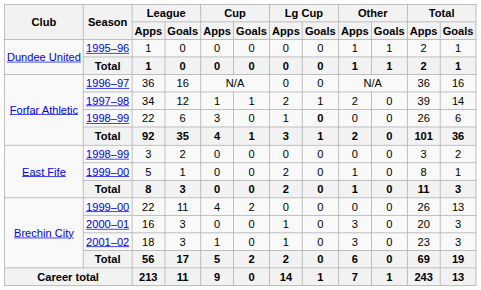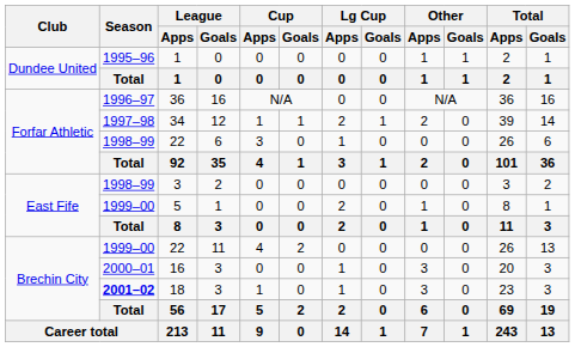 <table class="wikitable" style="font-size:95%; text-align:center">
 <tr>
 <th rowspan="2">Club</th>
 <th rowspan="2">Season</th>
 <th colspan="2">League</th>
 <th colspan="2">Cup</th>
 <th colspan="2">Lg Cup</th>
 <th colspan="2">Other</th>
 <th colspan="2">Total</th>
 </tr>
 <tr>
 <th>Apps</th>
 <th>Goals</th>
 <th>Apps</th>
 <th>Goals</th>
 <th>Apps</th>
 <th>Goals</th>
 <th>Apps</th>
 <th>Goals</th>
 <th>Apps</th>
 <th>Goals</th>
 </tr>
 <tr>
 <td rowspan="2"><a href='#'>Dundee United</a></td>
 <td><a href='#'>1995–96</a></td>
 <td>1</td>
 <td>0</td>
 <td>0</td>
 <td>0</td>
 <td>0</td>
 <td>0</td>
 <td>1</td>
 <td>1</td>
 <td>2</td>
 <td>1</td>
 </tr>
 <tr>
 <th>Total</th>
 <th>1</th>
 <th>0</th>
 <th>0</th>
 <th>0</th>
 <th>0</th>
 <th>0</th>
 <th>1</th>
 <th>1</th>
 <th>2</th>
 <th>1</th>
 </tr>
 <tr>
 <td rowspan="4"><a href='#'>Forfar Athletic</a></td>
 <td><a href='#'>1996–97</a></td>
 <td>36</td>
 <td>16</td>
 <td colspan="2">N/A</td>
 <td>0</td>
 <td>0</td>
 <td colspan="2">N/A</td>
 <td>36</td>
 <td>16</td>
 </tr>
 <tr>
 <td><a href='#'>1997–98</a></td>
 <td>34</td>
 <td>12</td>
 <td>1</td>
 <td>1</td>
 <td>2</td>
 <td>1</td>
 <td>2</td>
 <td>0</td>
 <td>39</td>
 <td>14</td>
 </tr>
 <tr>
 <td><a href='#'>1998–99</a></td>
 <td>22</td>
 <td>6</td>
 <td>3</td>
 <td>0</td>
 <td>1</td>
-<td><strong>0</strong></td>
+<td>0</td>
 <td>0</td>
 <td>0</td>
 <td>26</td>
 <td>6</td>
 </tr>
 <tr>
 <th>Total</th>
 <th>92</th>
 <th>35</th>
 <th>4</th>
 <th>1</th>
 <th>3</th>
 <th>1</th>
 <th>2</th>
 <th>0</th>
 <th>101</th>
 <th>36</th>
 </tr>
 <tr>
 <td rowspan="3"><a href='#'>East Fife</a></td>
 <td><a href='#'>1998–99</a></td>
 <td>3</td>
 <td>2</td>
 <td>0</td>
 <td>0</td>
 <td>0</td>
 <td>0</td>
 <td>0</td>
 <td>0</td>
 <td>3</td>
 <td>2</td>
 </tr>
 <tr>
 <td><a href='#'>1999–00</a></td>
 <td>5</td>
 <td>1</td>
 <td>0</td>
 <td>0</td>
 <td>2</td>
 <td>0</td>
 <td>1</td>
 <td>0</td>
 <td>8</td>
 <td>1</td>
 </tr>
 <tr>
 <th>Total</th>
 <th>8</th>
 <th>3</th>
 <th>0</th>
 <th>0</th>
 <th>2</th>
 <th>0</th>
 <th>1</th>
 <th>0</th>
 <th>11</th>
 <th>3</th>
 </tr>
 <tr>
 <td rowspan="4"><a href='#'>Brechin City</a></td>
 <td><a href='#'>1999–00</a></td>
 <td>22</td>
 <td>11</td>
 <td>4</td>
 <td>2</td>
 <td>0</td>
 <td>0</td>
 <td>0</td>
 <td>0</td>
 <td>26</td>
 <td>13</td>
 </tr>
 <tr>
 <td><a href='#'>2000–01</a></td>
 <td>16</td>
 <td>3</td>
 <td>0</td>
 <td>0</td>
 <td>1</td>
 <td>0</td>
 <td>3</td>
 <td>0</td>
 <td>20</td>
 <td>3</td>
 </tr>
 <tr>
-<td><a href='#'>2001–02</a></td>
+<td><strong><a href='#'>2001–02</a></strong></td>
 <td>18</td>
 <td>3</td>
 <td>1</td>
 <td>0</td>
 <td>1</td>
 <td>0</td>
 <td>3</td>
 <td>0</td>
 <td>23</td>
 <td>3</td>
 </tr>
 <tr>
 <th>Total</th>
 <th>56</th>
 <th>17</th>
 <th>5</th>
 <th>2</th>
 <th>2</th>
 <th>0</th>
 <th>6</th>
 <th>0</th>
 <th>69</th>
 <th>19</th>
 </tr>
 <tr>
 <th colspan="2">Career total</th>
 <th>213</th>
 <th>11</th>
 <th>9</th>
 <th>0</th>
 <th>14</th>
 <th>1</th>
 <th>7</th>
 <th>1</th>
 <th>243</th>
 <th>13</th>
 </tr>
 </table>
